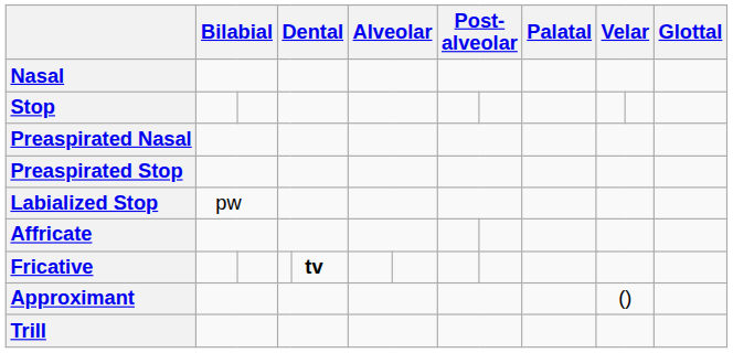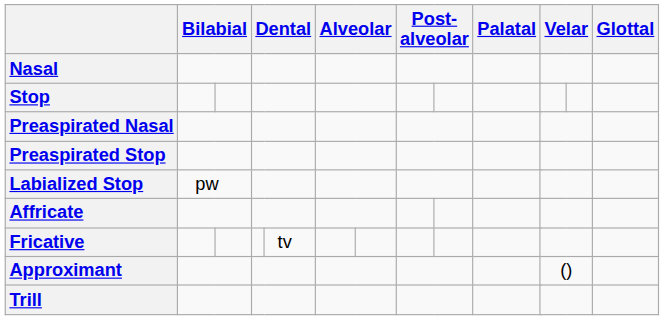 <table class="wikitable" style="margin: 0 auto;">
 <tr>
 <th></th>
 <th colspan="2"><a href='#'>Bilabial</a></th>
 <th colspan="2"><a href='#'>Dental</a></th>
 <th colspan="2"><a href='#'>Alveolar</a></th>
 <th colspan="2"><a href='#'>Post-<br>alveolar</a></th>
 <th colspan="2"><a href='#'>Palatal</a></th>
 <th colspan="2"><a href='#'>Velar</a></th>
 <th colspan="2"><a href='#'>Glottal</a></th>
 </tr>
 <tr style="text-align:center;">
 <th style="text-align:left;"><a href='#'>Nasal</a></th>
 <td colspan="2"></td>
 <td colspan="2"> </td>
 <td colspan="2"></td>
 <td colspan="2"> </td>
 <td colspan="2"> </td>
 <td colspan="2"> </td>
 <td colspan="2"> </td>
 </tr>
 <tr style="text-align:center;">
 <th style="text-align:left;"><a href='#'>Stop</a></th>
 <td></td>
 <td></td>
 <td colspan="2"> </td>
 <td colspan="2"> </td>
 <td></td>
 <td></td>
 <td colspan="2"> </td>
 <td></td>
 <td></td>
 <td colspan="2"></td>
 </tr>
 <tr style="text-align:center;">
 <th style="text-align:left;"><a href='#'>Preaspirated Nasal</a></th>
 <td colspan="2"></td>
 <td colspan="2"> </td>
 <td colspan="2"></td>
 <td colspan="2"> </td>
 <td colspan="2"> </td>
 <td colspan="2"> </td>
 <td colspan="2"> </td>
 </tr>
 <tr style="text-align:center;">
 <th style="text-align:left;"><a href='#'>Preaspirated Stop</a></th>
 <td colspan="2"></td>
 <td colspan="2"> </td>
 <td colspan="2"> </td>
 <td colspan="2"> </td>
 <td colspan="2"> </td>
 <td colspan="2"></td>
 <td colspan="2"> </td>
 </tr>
 <tr style="text-align:center;">
 <th style="text-align:left;"><a href='#'>Labialized Stop</a></th>
 <td colspan="2"><span>pw</span>   </td>
 <td colspan="2"> </td>
 <td colspan="2"> </td>
 <td colspan="2"> </td>
 <td colspan="2"> </td>
 <td colspan="2"> </td>
 <td colspan="2"> </td>
 </tr>
 <tr style="text-align:center;">
 <th style="text-align:left;"><a href='#'>Affricate</a></th>
 <td colspan="2"> </td>
 <td colspan="2"> </td>
 <td colspan="2"></td>
 <td></td>
 <td></td>
 <td colspan="2"> </td>
 <td colspan="2"> </td>
 <td colspan="2"> </td>
 </tr>
 <tr style="text-align:center;">
 <th style="text-align:left;"><a href='#'>Fricative</a></th>
 <td></td>
 <td></td>
 <td></td>
-<td><strong><span>tv</span>  </strong></td>
+<td><span>tv</span>  </td>
 <td></td>
 <td></td>
 <td></td>
 <td></td>
 <td colspan="2"></td>
 <td colspan="2"></td>
 <td colspan="2"></td>
 </tr>
 <tr style="text-align:center;">
 <th style="text-align:left;"><a href='#'>Approximant</a></th>
 <td colspan="2"></td>
 <td colspan="2"> </td>
 <td colspan="2"></td>
 <td colspan="2"> </td>
 <td colspan="2"></td>
 <td colspan="2">()</td>
 <td colspan="2"> </td>
 </tr>
 <tr style="text-align:center;">
 <th style="text-align:left;"><a href='#'>Trill</a></th>
 <td colspan="2"> </td>
 <td colspan="2"> </td>
 <td colspan="2"></td>
 <td colspan="2"> </td>
 <td colspan="2"> </td>
 <td colspan="2"> </td>
 <td colspan="2"> </td>
 </tr>
 </table>
